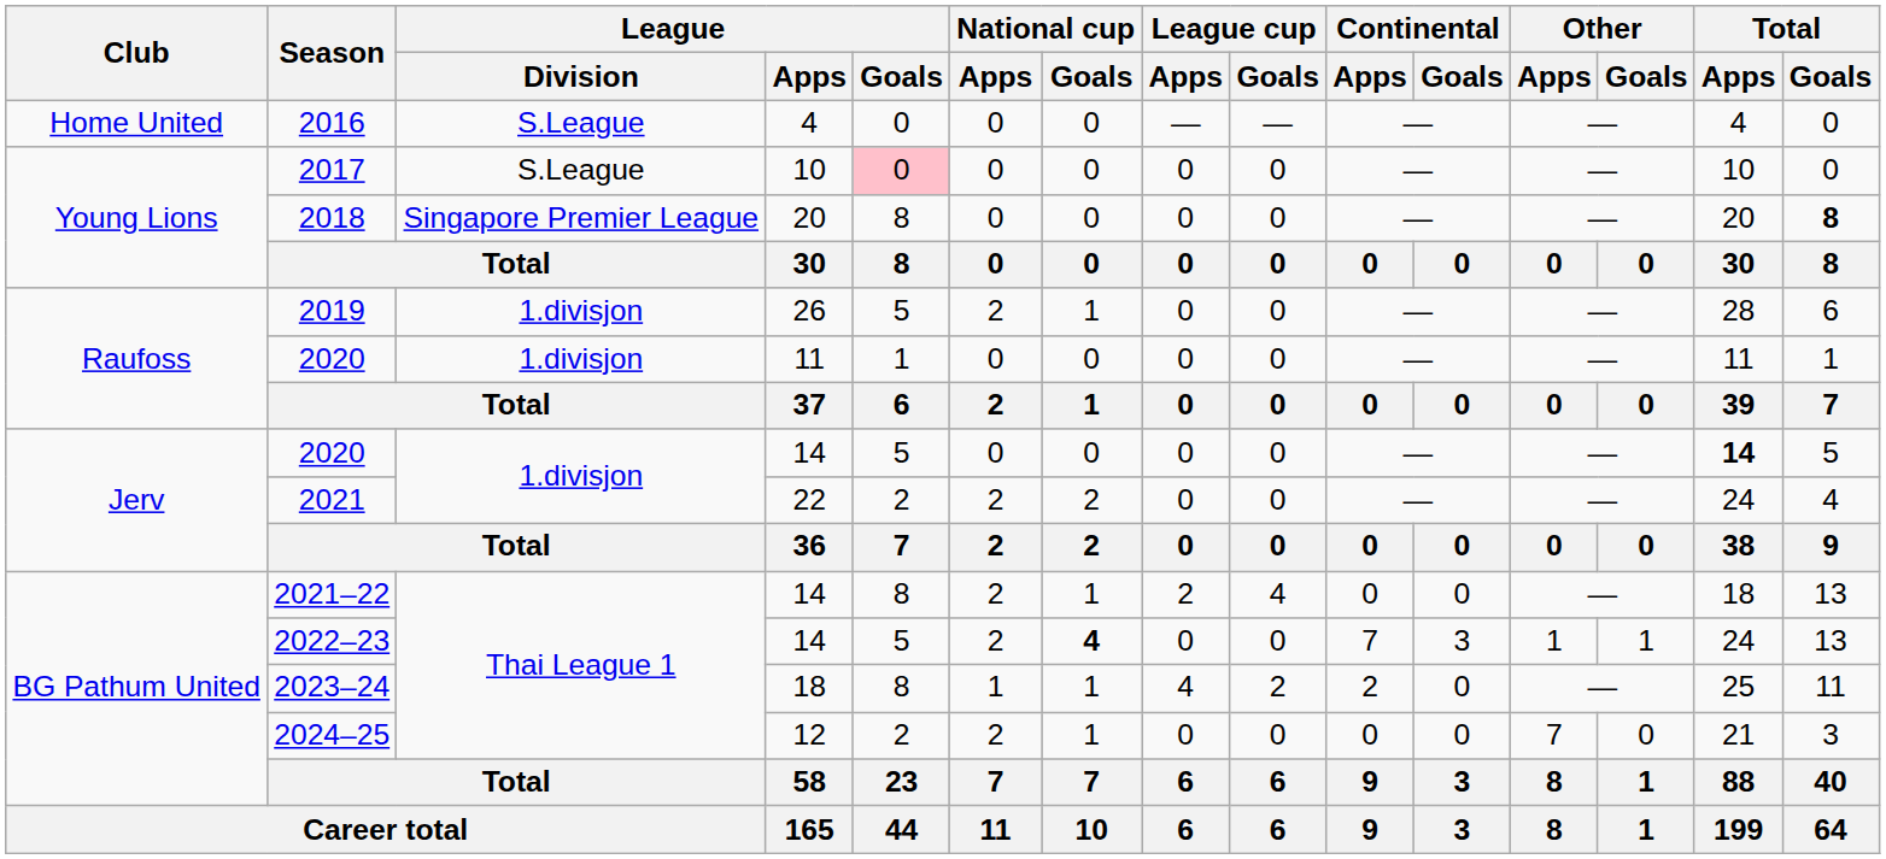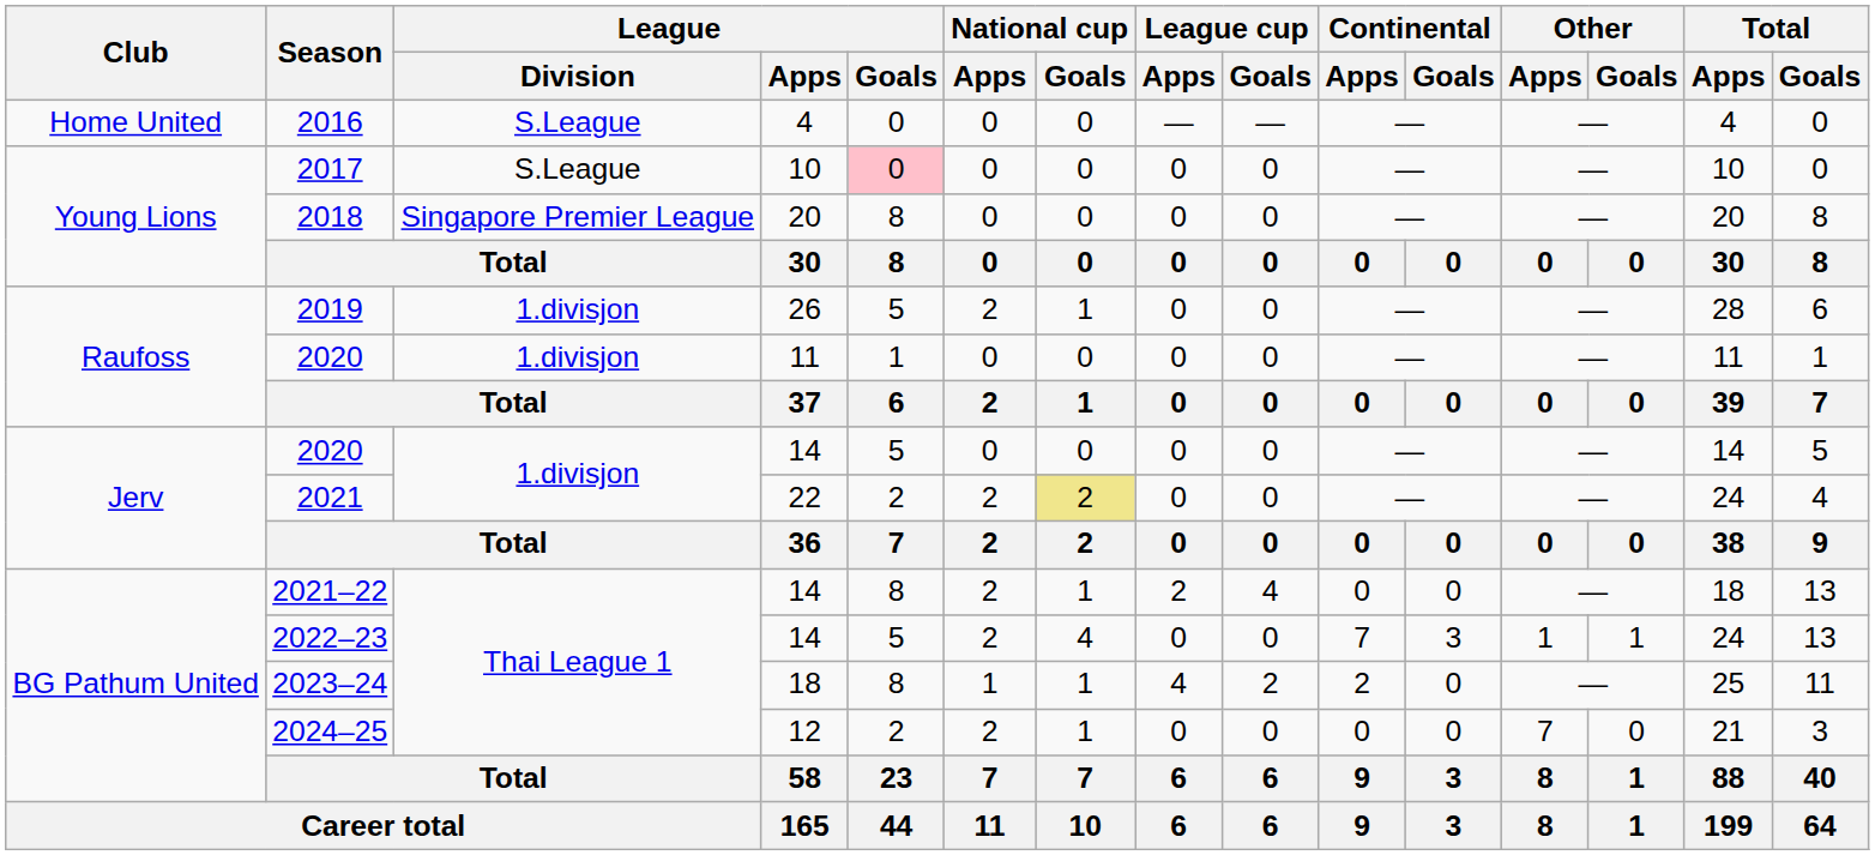 <table class="wikitable" style="text-align:center">
 <tr>
 <th rowspan="2">Club</th>
 <th rowspan="2">Season</th>
 <th colspan="3">League</th>
 <th colspan="2">National cup</th>
 <th colspan="2">League cup</th>
 <th colspan="2">Continental</th>
 <th colspan="2">Other</th>
 <th colspan="2">Total</th>
 </tr>
 <tr>
 <th>Division</th>
 <th>Apps</th>
 <th>Goals</th>
 <th>Apps</th>
 <th>Goals</th>
 <th>Apps</th>
 <th>Goals</th>
 <th>Apps</th>
 <th>Goals</th>
 <th>Apps</th>
 <th>Goals</th>
 <th>Apps</th>
 <th>Goals</th>
 </tr>
 <tr>
 <td><a href='#'>Home United</a></td>
 <td><a href='#'>2016</a></td>
 <td><a href='#'>S.League</a></td>
 <td>4</td>
 <td>0</td>
 <td>0</td>
 <td>0</td>
 <td>—</td>
 <td>—</td>
 <td colspan='2'>—</td>
 <td colspan='2'>—</td>
 <td>4</td>
 <td>0</td>
 </tr>
 <tr>
 <td rowspan="3"><a href='#'>Young Lions</a></td>
 <td><a href='#'>2017</a></td>
 <td>S.League</td>
 <td>10</td>
 <td style="background: pink;">0</td>
 <td>0</td>
 <td>0</td>
 <td>0</td>
 <td>0</td>
 <td colspan='2'>—</td>
 <td colspan='2'>—</td>
 <td>10</td>
 <td>0</td>
 </tr>
 <tr>
 <td><a href='#'>2018</a></td>
 <td><a href='#'>Singapore Premier League</a></td>
 <td>20</td>
 <td>8</td>
 <td>0</td>
 <td>0</td>
 <td>0</td>
 <td>0</td>
 <td colspan='2'>—</td>
 <td colspan='2'>—</td>
 <td>20</td>
-<td><strong>8</strong></td>
+<td>8</td>
 </tr>
 <tr>
 <th colspan=2>Total</th>
 <th>30</th>
 <th>8</th>
 <th>0</th>
 <th>0</th>
 <th>0</th>
 <th>0</th>
 <th>0</th>
 <th>0</th>
 <th>0</th>
 <th>0</th>
 <th>30</th>
 <th>8</th>
 </tr>
 <tr>
 <td rowspan="3"><a href='#'>Raufoss</a></td>
 <td><a href='#'>2019</a></td>
 <td><a href='#'>1.divisjon</a></td>
 <td>26</td>
 <td>5</td>
 <td>2</td>
 <td>1</td>
 <td>0</td>
 <td>0</td>
 <td colspan="2">—</td>
 <td colspan='2'>—</td>
 <td>28</td>
 <td>6</td>
 </tr>
 <tr>
 <td><a href='#'>2020</a></td>
 <td><a href='#'>1.divisjon</a></td>
 <td>11</td>
 <td>1</td>
 <td>0</td>
 <td>0</td>
 <td>0</td>
 <td>0</td>
 <td colspan="2">—</td>
 <td colspan='2'>—</td>
 <td>11</td>
 <td>1</td>
 </tr>
 <tr>
 <th colspan=2>Total</th>
 <th>37</th>
 <th>6</th>
 <th>2</th>
 <th>1</th>
 <th>0</th>
 <th>0</th>
 <th>0</th>
 <th>0</th>
 <th>0</th>
 <th>0</th>
 <th>39</th>
 <th>7</th>
 </tr>
 <tr>
 <td rowspan="3"><a href='#'>Jerv</a></td>
 <td><a href='#'>2020</a></td>
 <td rowspan="2"><a href='#'>1.divisjon</a></td>
 <td>14</td>
 <td>5</td>
 <td>0</td>
 <td>0</td>
 <td>0</td>
 <td>0</td>
 <td colspan="2">—</td>
 <td colspan='2'>—</td>
-<td><strong>14</strong></td>
+<td>14</td>
 <td>5</td>
 </tr>
 <tr>
 <td><a href='#'>2021</a></td>
 <td>22</td>
 <td>2</td>
 <td>2</td>
-<td>2</td>
+<td style="background: khaki;">2</td>
 <td>0</td>
 <td>0</td>
 <td colspan="2">—</td>
 <td colspan='2'>—</td>
 <td>24</td>
 <td>4</td>
 </tr>
 <tr>
 <th colspan=2>Total</th>
 <th>36</th>
 <th>7</th>
 <th>2</th>
 <th>2</th>
 <th>0</th>
 <th>0</th>
 <th>0</th>
 <th>0</th>
 <th>0</th>
 <th>0</th>
 <th>38</th>
 <th>9</th>
 </tr>
 <tr>
 <td rowspan="5"><a href='#'>BG Pathum United</a></td>
 <td><a href='#'>2021–22</a></td>
 <td rowspan="4"><a href='#'>Thai League 1</a></td>
 <td>14</td>
 <td>8</td>
 <td>2</td>
 <td>1</td>
 <td>2</td>
 <td>4</td>
 <td>0</td>
 <td>0</td>
 <td colspan='2'>—</td>
 <td>18</td>
 <td>13</td>
 </tr>
 <tr>
 <td><a href='#'>2022–23</a></td>
 <td>14</td>
 <td>5</td>
 <td>2</td>
-<td><strong>4</strong></td>
+<td>4</td>
 <td>0</td>
 <td>0</td>
 <td>7</td>
 <td>3</td>
 <td>1</td>
 <td>1</td>
 <td>24</td>
 <td>13</td>
 </tr>
 <tr>
 <td><a href='#'>2023–24</a></td>
 <td>18</td>
 <td>8</td>
 <td>1</td>
 <td>1</td>
 <td>4</td>
 <td>2</td>
 <td>2</td>
 <td>0</td>
 <td colspan='2'>—</td>
 <td>25</td>
 <td>11</td>
 </tr>
 <tr>
 <td><a href='#'>2024–25</a></td>
 <td>12</td>
 <td>2</td>
 <td>2</td>
 <td>1</td>
 <td>0</td>
 <td>0</td>
 <td>0</td>
 <td>0</td>
 <td>7</td>
 <td>0</td>
 <td>21</td>
 <td>3</td>
 </tr>
 <tr>
 <th colspan=2>Total</th>
 <th>58</th>
 <th>23</th>
 <th>7</th>
 <th>7</th>
 <th>6</th>
 <th>6</th>
 <th>9</th>
 <th>3</th>
 <th>8</th>
 <th>1</th>
 <th>88</th>
 <th>40</th>
 </tr>
 <tr>
 <th colspan="3">Career total</th>
 <th>165</th>
 <th>44</th>
 <th>11</th>
 <th>10</th>
 <th>6</th>
 <th>6</th>
 <th>9</th>
 <th>3</th>
 <th>8</th>
 <th>1</th>
 <th>199</th>
 <th>64</th>
 </tr>
 <tr>
 </tr>
 </table>
